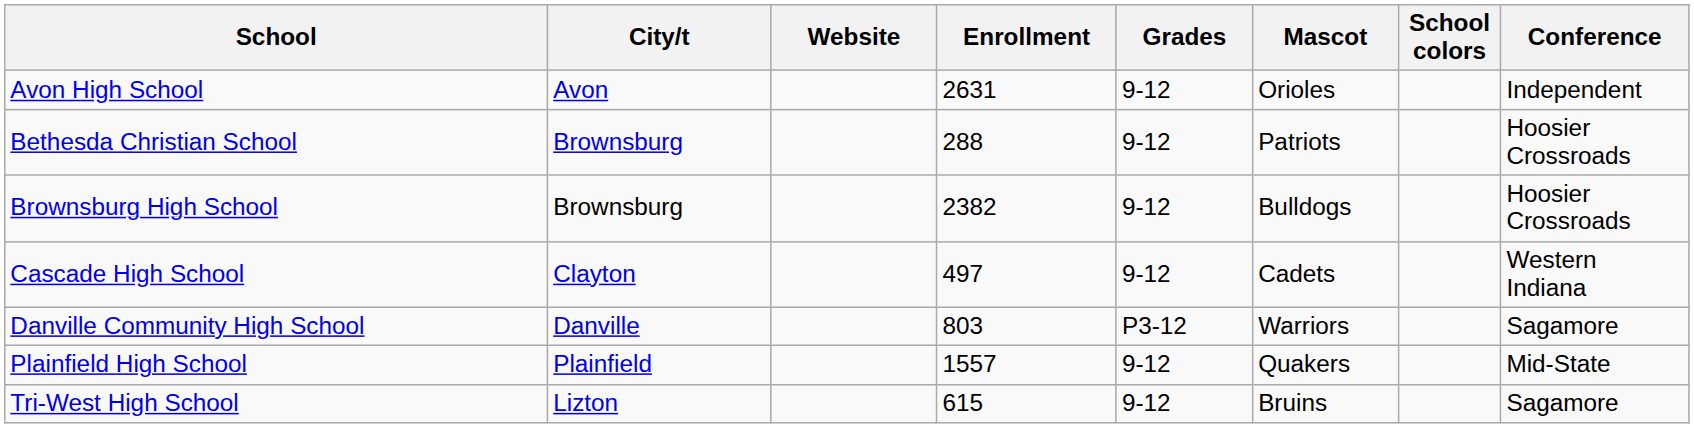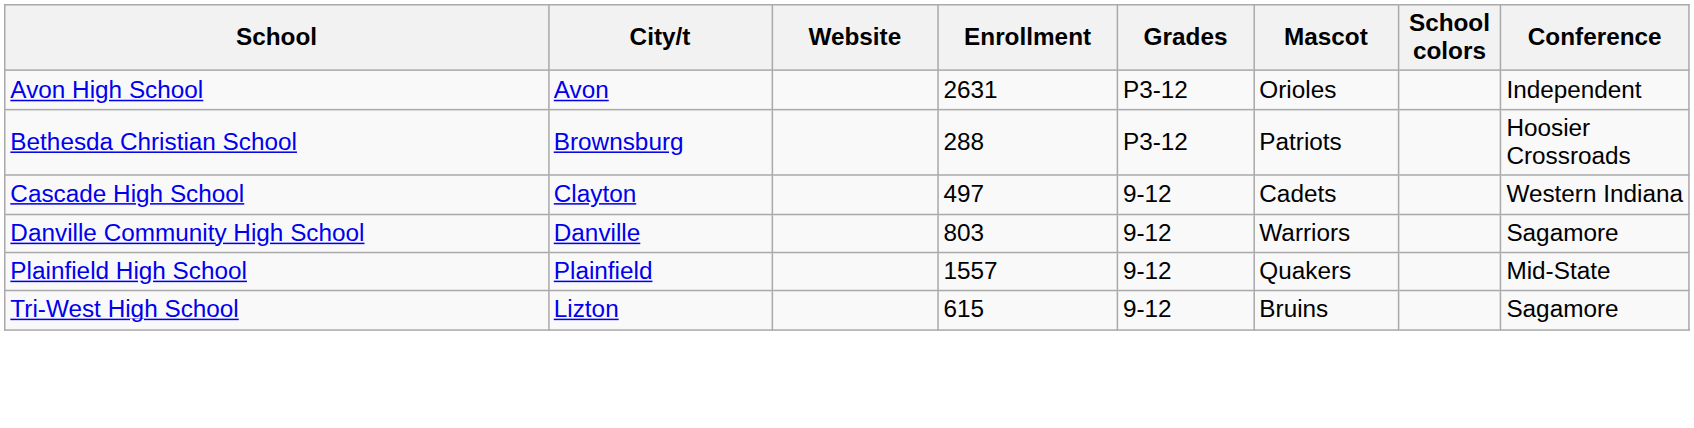 <table class="wikitable sortable" width="70%">
 <tr>
 <th width="20%">School</th>
 <th width="08%">City/t</th>
 <th width="06%">Website</th>
 <th width="04%">Enrollment</th>
 <th width="04%">Grades</th>
 <th width="04%">Mascot</th>
 <th width=01%>School colors</th>
 <th width="04%">Conference</th>
 </tr>
 <tr>
 <td><a href='#'>Avon High School</a></td>
 <td><a href='#'>Avon</a></td>
 <td></td>
 <td>2631</td>
-<td>9-12</td>
+<td>P3-12</td>
 <td>Orioles</td>
 <td> </td>
 <td>Independent</td>
 </tr>
 <tr>
 <td><a href='#'>Bethesda Christian School</a></td>
 <td><a href='#'>Brownsburg</a></td>
 <td></td>
 <td>288</td>
-<td>9-12</td>
+<td>P3-12</td>
 <td>Patriots</td>
 <td>  </td>
-<td>Hoosier Crossroads</td>
-</tr>
-<tr>
-<td><a href='#'>Brownsburg High School</a></td>
-<td>Brownsburg</td>
-<td></td>
-<td>2382</td>
-<td>9-12</td>
-<td>Bulldogs</td>
-<td> </td>
 <td>Hoosier Crossroads</td>
 </tr>
 <tr>
 <td><a href='#'>Cascade High School</a></td>
 <td><a href='#'>Clayton</a></td>
 <td></td>
 <td>497</td>
 <td>9-12</td>
 <td>Cadets</td>
 <td> </td>
 <td>Western Indiana</td>
 </tr>
 <tr>
 <td><a href='#'>Danville Community High School</a></td>
 <td><a href='#'>Danville</a></td>
 <td></td>
 <td>803</td>
-<td>P3-12</td>
+<td>9-12</td>
 <td>Warriors</td>
 <td> </td>
 <td>Sagamore</td>
 </tr>
 <tr>
 <td><a href='#'>Plainfield High School</a></td>
 <td><a href='#'>Plainfield</a></td>
 <td></td>
 <td>1557</td>
 <td>9-12</td>
 <td>Quakers</td>
 <td> </td>
 <td>Mid-State</td>
 </tr>
 <tr>
 <td><a href='#'>Tri-West High School</a></td>
 <td><a href='#'>Lizton</a></td>
 <td></td>
 <td>615</td>
 <td>9-12</td>
 <td>Bruins</td>
 <td> </td>
 <td>Sagamore</td>
 </tr>
 </table>
